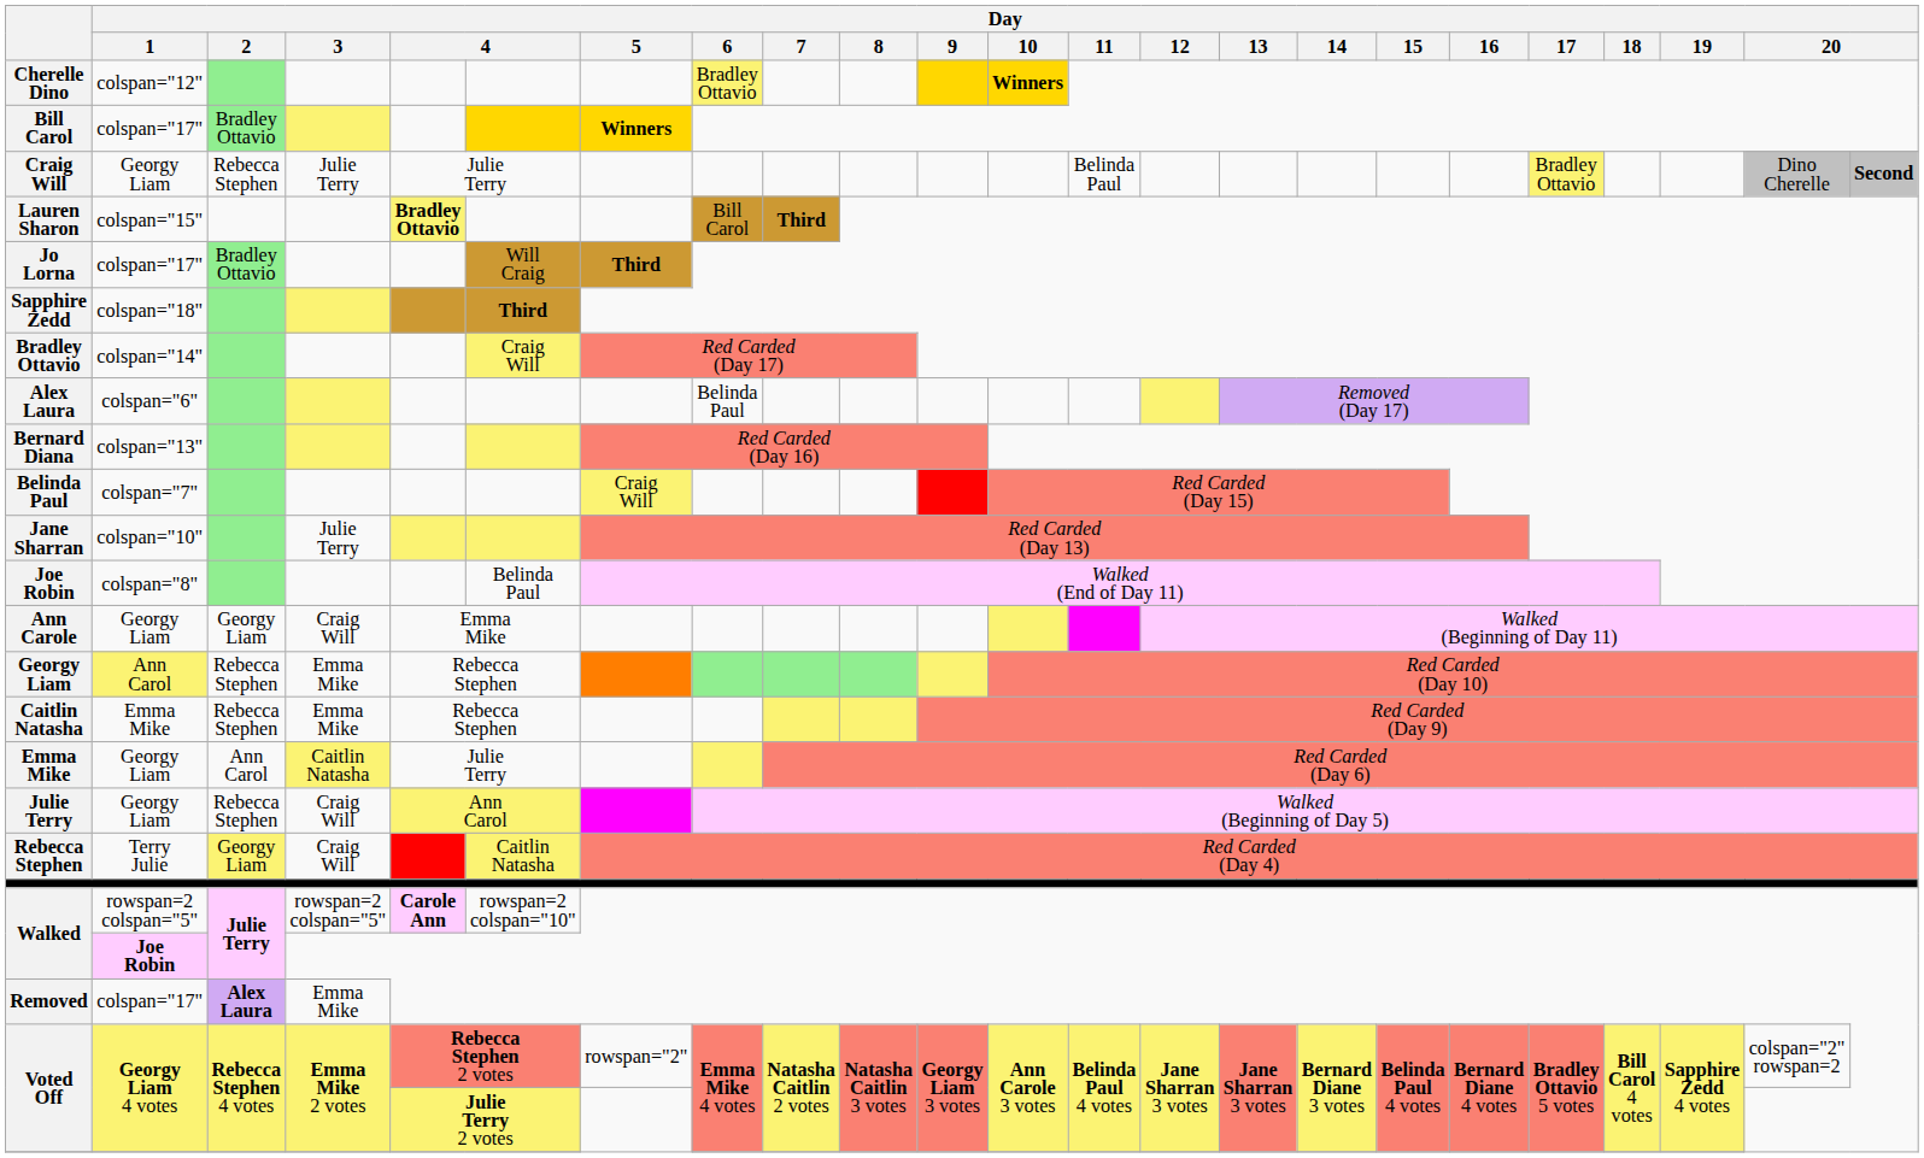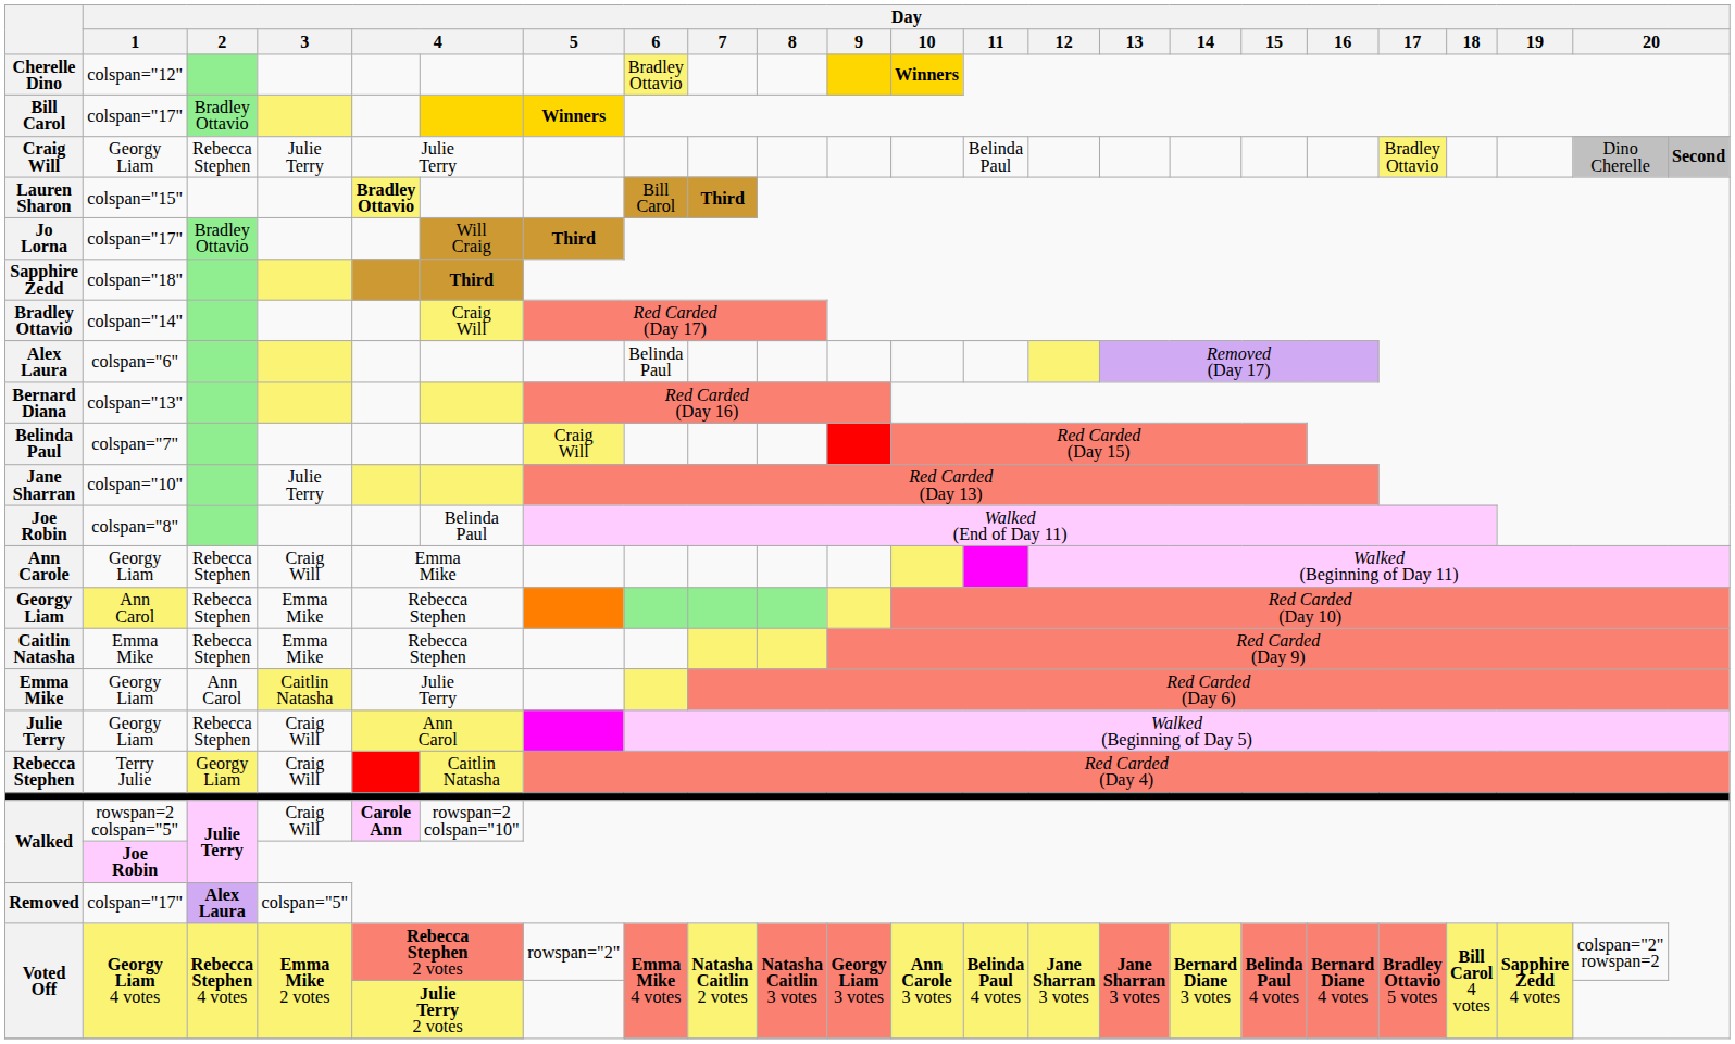 <table class="wikitable" style="text-align:center; font-size:100%; line-height:15px;">
 <tr>
 <th style="width: 10%;" rowspan="2"></th>
 <th colspan=22>Day</th>
 </tr>
 <tr>
 <th style="width: 7%;">1</th>
 <th style="width: 7%;">2</th>
 <th style="width: 7%;">3</th>
 <th colspan=2 style="width: 7%;">4</th>
 <th style="width: 7%;">5</th>
 <th style="width: 7%;">6</th>
 <th style="width: 7%;">7</th>
 <th style="width: 7%;">8</th>
 <th style="width: 7%;">9</th>
 <th style="width: 7%;">10</th>
 <th style="width: 7%;">11</th>
 <th style="width: 7%;">12</th>
 <th style="width: 7%;">13</th>
 <th style="width: 7%;">14</th>
 <th style="width: 7%;">15</th>
 <th style="width: 7%;">16</th>
 <th style="width: 7%;">17</th>
 <th style="width: 7%;">18</th>
 <th style="width: 7%;">19</th>
 <th style="width: 7%;" colspan="2">20</th>
 </tr>
 <tr>
 <th>Cherelle<br>Dino</th>
 <td>colspan="12" </td>
 <td style="background:lightgreen;"></td>
 <td></td>
 <td></td>
 <td></td>
 <td></td>
 <td style="background:#fbf373;">Bradley<br>Ottavio</td>
 <td></td>
 <td></td>
 <td style="background:gold "></td>
 <td style="background:gold "><strong>Winners </strong></td>
 </tr>
 <tr>
 <th>Bill<br>Carol<em><br></em></th>
 <td>colspan="17" </td>
 <td style="background:lightgreen;">Bradley<br>Ottavio</td>
 <td style="background:#fbf373;"></td>
 <td></td>
 <td style="background:gold "></td>
 <td style="background:gold "><strong>Winners </strong></td>
 </tr>
 <tr>
 <th>Craig<br>Will</th>
 <td>Georgy<br>Liam</td>
 <td>Rebecca<br>Stephen</td>
 <td>Julie<br>Terry</td>
 <td colspan=2>Julie<br>Terry</td>
 <td></td>
 <td></td>
 <td></td>
 <td></td>
 <td></td>
 <td></td>
 <td>Belinda<br>Paul</td>
 <td></td>
 <td></td>
 <td></td>
 <td></td>
 <td></td>
 <td style="background:#fbf373;">Bradley<br>Ottavio</td>
 <td></td>
 <td></td>
 <td style="background:silver;">Dino<br>Cherelle</td>
 <td style="background:silver;"><strong>Second</strong></td>
 </tr>
 <tr>
 <th>Lauren<br>Sharon</th>
 <td>colspan="15" </td>
 <td></td>
 <td></td>
 <td style="background:#fbf373;"><strong>Bradley<br>Ottavio</strong></td>
 <td></td>
 <td></td>
 <td style="background:#cc9933;">Bill<br>Carol</td>
 <td style="background:#cc9933;"><strong>Third</strong></td>
 </tr>
 <tr>
 <th>Jo<br>Lorna</th>
 <td>colspan="17" </td>
 <td style="background:lightgreen;">Bradley<br>Ottavio</td>
 <td></td>
 <td></td>
 <td style="background:#cc9933;">Will<br>Craig</td>
 <td style="background:#cc9933;"><strong>Third</strong></td>
 </tr>
 <tr>
 <th>Sapphire<br>Zedd</th>
 <td>colspan="18" </td>
 <td style="background:lightgreen;"></td>
 <td style="background:#fbf373;"></td>
 <td style="background:#cc9933;"></td>
 <td style="background:#cc9933;"><strong>Third</strong></td>
 </tr>
 <tr>
 <th>Bradley<br>Ottavio</th>
 <td>colspan="14" </td>
 <td style="background:lightgreen;"></td>
 <td></td>
 <td></td>
 <td style="background:#fbf373;">Craig<br>Will</td>
 <td colspan="4" style="background:#fa8072;"><em>Red Carded</em><br>(Day 17)</td>
 </tr>
 <tr>
 <th>Alex<br>Laura</th>
 <td>colspan="6" </td>
 <td style="background:lightgreen;"></td>
 <td style="background:#fbf373;"></td>
 <td></td>
 <td></td>
 <td></td>
 <td>Belinda<br>Paul</td>
 <td></td>
 <td></td>
 <td></td>
 <td></td>
 <td></td>
 <td style="background:#fbf373;"><em></em></td>
 <td colspan="4" style="background:#d0aaf3;"><em>Removed</em><br>(Day 17)</td>
 </tr>
 <tr>
 <th>Bernard<br>Diana</th>
 <td>colspan="13" </td>
 <td style="background:lightgreen;"></td>
 <td style="background:#fbf373;"></td>
 <td></td>
 <td style="background:#fbf373;"></td>
 <td colspan="5" style="background:#fa8072;"><em>Red Carded</em><br>(Day 16)</td>
 </tr>
 <tr>
 <th>Belinda<br>Paul</th>
 <td>colspan="7" </td>
 <td style="background:lightgreen;"></td>
 <td></td>
 <td></td>
 <td></td>
 <td style="background:#fbf373;">Craig<br>Will</td>
 <td></td>
 <td></td>
 <td></td>
 <td style="background:red;"><em></em></td>
 <td colspan="6" style="background:#fa8072;"><em>Red Carded</em><br>(Day 15)</td>
 </tr>
 <tr>
 <th>Jane<br>Sharran</th>
 <td>colspan="10" </td>
 <td style="background:lightgreen;"></td>
 <td>Julie<br>Terry</td>
 <td style="background:#fbf373;"></td>
 <td style="background:#fbf373;"></td>
 <td colspan="12" style="background:#fa8072;"><em>Red Carded</em><br>(Day 13)</td>
 </tr>
 <tr>
 <th>Joe<br>Robin</th>
 <td>colspan="8" </td>
 <td style="background:lightgreen;"></td>
 <td></td>
 <td></td>
 <td>Belinda<br>Paul</td>
 <td colspan="14" style="background:#ffccff;"><em>Walked</em><br>(End of Day 11)</td>
 </tr>
 <tr>
 <th>Ann<br>Carole</th>
 <td>Georgy<br>Liam</td>
-<td>Georgy<br>Liam</td>
+<td>Rebecca<br>Stephen</td>
 <td>Craig<br>Will</td>
 <td colspan=2>Emma<br>Mike</td>
 <td></td>
 <td></td>
 <td></td>
 <td></td>
 <td></td>
 <td style="background:#fbf373;"></td>
 <td style="background:#ff00ff;"></td>
 <td colspan="10" style="background:#ffccff;"><em>Walked</em><br>(Beginning of Day 11)</td>
 </tr>
 <tr>
 <th>Georgy<br>Liam</th>
 <td style="background:#fbf373;">Ann<br>Carol</td>
 <td>Rebecca<br>Stephen</td>
 <td>Emma<br>Mike</td>
 <td colspan=2>Rebecca<br>Stephen</td>
 <td style="background:#ff7e00;"></td>
 <td style="background:lightgreen;"></td>
 <td style="background:lightgreen;"></td>
 <td style="background:lightgreen;"></td>
 <td style="background:#fbf373;"></td>
 <td colspan="12" style="background:#fa8072;"><em>Red Carded</em><br>(Day 10)</td>
 </tr>
 <tr>
 <th>Caitlin<br>Natasha</th>
 <td>Emma<br>Mike</td>
 <td>Rebecca<br>Stephen</td>
 <td>Emma<br>Mike</td>
 <td colspan=2>Rebecca<br>Stephen</td>
 <td></td>
 <td></td>
 <td style="background:#fbf373;"></td>
 <td style="background:#fbf373;"></td>
 <td colspan="13" style="background:#fa8072;"><em>Red Carded</em><br>(Day 9)</td>
 </tr>
 <tr>
 <th>Emma<br>Mike</th>
 <td>Georgy<br>Liam</td>
 <td>Ann<br>Carol</td>
 <td style="background:#fbf373;">Caitlin<br>Natasha</td>
 <td colspan=2>Julie<br>Terry</td>
 <td></td>
 <td style="background:#fbf373;"></td>
 <td colspan="15" style="background:#fa8072;"><em>Red Carded</em><br>(Day 6)</td>
 </tr>
 <tr>
 <th>Julie<br>Terry</th>
 <td>Georgy<br>Liam</td>
 <td>Rebecca<br>Stephen</td>
 <td>Craig<br>Will</td>
 <td colspan=2 style="background:#fbf373;">Ann<br>Carol</td>
 <td style="background:#ff00ff;"></td>
 <td colspan="16" style="background:#ffccff;"><em>Walked</em><br>(Beginning of Day 5)</td>
 </tr>
 <tr>
 <th>Rebecca<br>Stephen</th>
 <td>Terry<br>Julie</td>
 <td style="background:#fbf373;">Georgy<br>Liam</td>
 <td>Craig<br>Will</td>
 <td style="background:red"></td>
 <td style="background:#fbf373;">Caitlin<br>Natasha</td>
 <td colspan="17" style="background:#fa8072;"><em>Red Carded</em><br>(Day 4)</td>
 </tr>
 <tr>
 <th style="background:black;" colspan="23"></th>
 </tr>
 <tr>
 <th rowspan=2>Walked</th>
 <td>rowspan=2 colspan="5" </td>
 <td rowspan=2 style="background:#ffccff;"><strong>Julie<br>Terry</strong></td>
-<td>rowspan=2 colspan="5" </td>
+<td>Craig<br>Will</td>
 <td style="background:#ffccff;"><strong>Carole<br>Ann</strong></td>
 <td>rowspan=2 colspan="10" </td>
 </tr>
 <tr>
 <td style="background:#ffccff;"><strong>Joe<br>Robin</strong></td>
 </tr>
 <tr>
 <th>Removed</th>
 <td>colspan="17" </td>
 <td style="background:#d0aaf3;"><strong>Alex<br>Laura</strong></td>
-<td>Emma<br>Mike</td>
+<td>colspan="5" </td>
 </tr>
 <tr>
 <th rowspan="2">Voted Off</th>
 <td rowspan="2" style="background:#fbf373;"><strong>Georgy<br>Liam</strong><br>4 votes</td>
 <td rowspan="2" style="background:#fbf373;"><strong>Rebecca<br>Stephen</strong><br>4 votes</td>
 <td rowspan="2" style="background:#fbf373;"><strong>Emma<br>Mike</strong><br>2 votes</td>
 <td colspan=2 style="background:#fa8072;"><strong>Rebecca<br>Stephen</strong><br>2 votes</td>
 <td>rowspan="2" </td>
 <td rowspan="2" style="background:#fa8072;"><strong>Emma<br>Mike</strong><br>4 votes</td>
 <td rowspan="2" style="background:#fbf373;"><strong>Natasha<br>Caitlin</strong><br>2 votes</td>
 <td rowspan="2" style="background:#fa8072;"><strong>Natasha<br>Caitlin</strong><br>3 votes</td>
 <td rowspan="2" style="background:#fa8072;"><strong>Georgy<br>Liam</strong><br>3 votes</td>
 <td rowspan="2" style="background:#fbf373;"><strong>Ann<br>Carole</strong><br>3 votes</td>
 <td rowspan="2" style="background:#fbf373;"><strong>Belinda<br>Paul</strong><br>4 votes</td>
 <td rowspan="2" style="background:#fbf373;"><strong>Jane<br>Sharran</strong><br>3 votes</td>
 <td rowspan="2" style="background:#fa8072;"><strong>Jane<br>Sharran</strong><br>3 votes</td>
 <td rowspan="2" style="background:#fbf373;"><strong>Bernard<br>Diane</strong><br>3 votes</td>
 <td rowspan="2" style="background:#fa8072;"><strong>Belinda<br>Paul</strong><br>4 votes</td>
 <td rowspan="2" style="background:#fa8072;"><strong>Bernard<br>Diane</strong><br>4 votes</td>
 <td rowspan="2" style="background:#fa8072;"><strong>Bradley<br>Ottavio</strong><br>5 votes</td>
 <td rowspan="2" style="background:#fbf373;"><strong>Bill<br>Carol</strong><br>4 votes</td>
 <td rowspan="2" style="background:#fbf373;"><strong>Sapphire<br>Zedd</strong><br>4 votes</td>
 <td>colspan="2" rowspan=2 </td>
 </tr>
 <tr>
 <td colspan=2 style="background:#fbf373;"><strong>Julie<br>Terry</strong><br>2 votes</td>
 </tr>
 <tr>
 </tr>
 </table>
